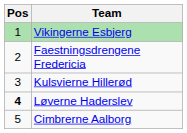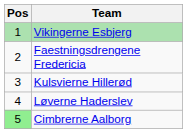 <table class="wikitable" style="font-size: 100%">
 <tr>
 <th width=20>Pos</th>
 <th width=200>Team</th>
 </tr>
 <tr align=center style="background:#ACE1AF;">
 <td>1</td>
 <td align="left"><a href='#'>Vikingerne Esbjerg</a></td>
 </tr>
 <tr align=center>
 <td>2</td>
 <td align="left"><a href='#'>Faestningsdrengene Fredericia</a></td>
 </tr>
 <tr align=center>
 <td>3</td>
 <td align="left"><a href='#'>Kulsvierne Hillerød</a></td>
 </tr>
 <tr align=center>
-<td><strong>4</strong></td>
+<td>4</td>
 <td align="left"><a href='#'>Løverne Haderslev</a></td>
 </tr>
 <tr align=center>
-<td>5</td>
+<td style="background: lightgreen;">5</td>
 <td align="left"><a href='#'>Cimbrerne Aalborg</a></td>
 </tr>
 </table>
